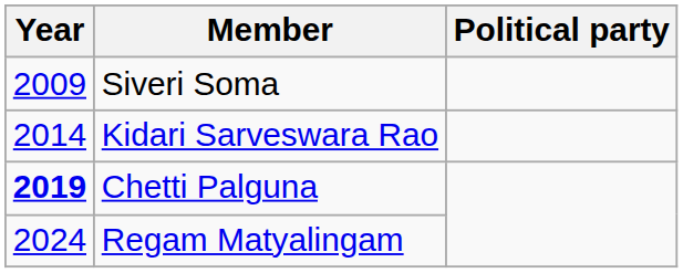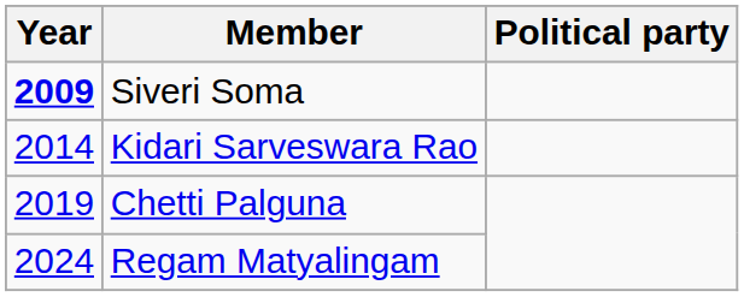 <table class="wikitable sortable">
 <tr>
 <th>Year</th>
 <th>Member</th>
 <th colspan="2">Political party</th>
 </tr>
 <tr>
-<td><a href='#'>2009</a></td>
+<td><strong><a href='#'>2009</a></strong></td>
 <td>Siveri Soma</td>
 <td></td>
 </tr>
 <tr>
 <td><a href='#'>2014</a></td>
 <td><a href='#'>Kidari Sarveswara Rao</a></td>
 <td></td>
 </tr>
 <tr>
-<td><strong><a href='#'>2019</a></strong></td>
+<td><a href='#'>2019</a></td>
 <td><a href='#'>Chetti Palguna</a></td>
 </tr>
 <tr>
 <td><a href='#'>2024</a></td>
 <td><a href='#'>Regam Matyalingam</a></td>
 </tr>
 </table>
